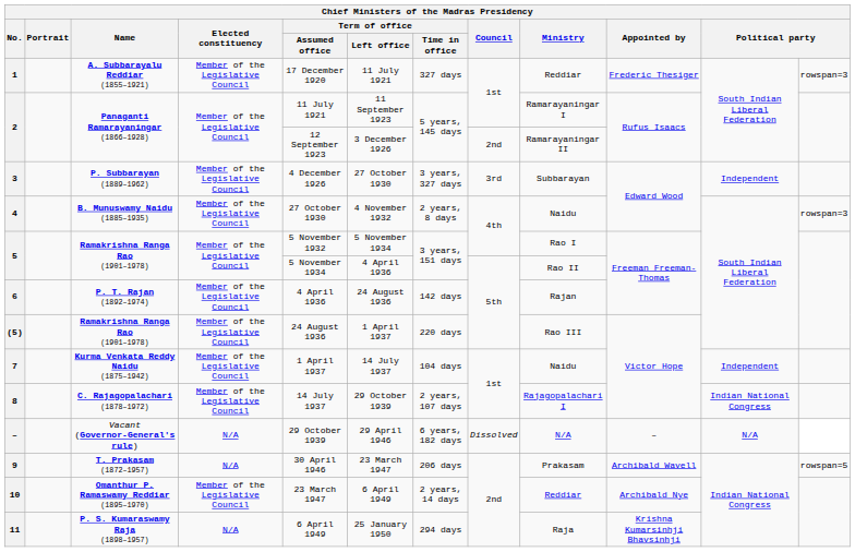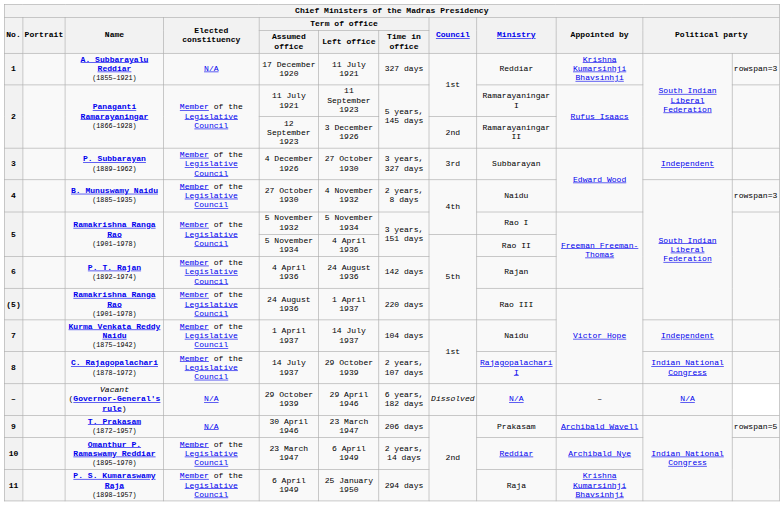 <table class="wikitable sortable" style="text-align:center;">
 <tr>
 <th colspan=12><strong>Chief Ministers of the Madras Presidency</strong></th>
 </tr>
 <tr>
 <th rowspan=2>No.</th>
 <th rowspan=2>Portrait</th>
 <th rowspan=2>Name<br><small></small></th>
 <th rowspan=2>Elected constituency</th>
 <th colspan=3>Term of office</th>
 <th rowspan=2><a href='#'>Council</a><br></th>
 <th rowspan=2><a href='#'>Ministry</a></th>
 <th rowspan=2>Appointed by</th>
 <th rowspan=2 colspan=2>Political party</th>
 </tr>
 <tr>
 <th>Assumed office</th>
 <th>Left office</th>
 <th>Time in office</th>
 </tr>
 <tr>
 <th>1</th>
 <td></td>
 <td><strong><a href='#'>A. Subbarayalu Reddiar</a></strong><br><small>(1855–1921)</small></td>
-<td><a href='#'>Member</a> of the <a href='#'>Legislative Council</a></td>
+<td><a href='#'>N/A</a></td>
 <td>17 December 1920</td>
 <td>11 July 1921</td>
 <td>327 days</td>
 <td rowspan=2>1st<br></td>
 <td>Reddiar</td>
-<td><a href='#'>Frederic Thesiger</a></td>
+<td><a href='#'>Krishna Kumarsinhji Bhavsinhji</a></td>
 <td rowspan=3><a href='#'>South Indian Liberal Federation</a></td>
 <td>rowspan=3 </td>
 </tr>
 <tr>
 <th rowspan=2>2</th>
 <td rowspan=2></td>
 <td rowspan=2><strong><a href='#'>Panaganti Ramarayaningar</a></strong><br><small>(1866–1928)</small></td>
 <td rowspan=2><a href='#'>Member</a> of the <a href='#'>Legislative Council</a></td>
 <td>11 July 1921</td>
 <td>11 September 1923</td>
 <td rowspan=2>5 years, 145 days</td>
 <td>Ramarayaningar I</td>
 <td rowspan=2><a href='#'>Rufus Isaacs</a></td>
 </tr>
 <tr>
 <td>12 September 1923</td>
 <td>3 December 1926</td>
 <td>2nd<br></td>
 <td>Ramarayaningar II</td>
 </tr>
 <tr>
 <th>3</th>
 <td></td>
 <td><strong><a href='#'>P. Subbarayan</a></strong><br><small>(1889–1962)</small></td>
 <td><a href='#'>Member</a> of the <a href='#'>Legislative Council</a></td>
 <td>4 December 1926</td>
 <td>27 October 1930</td>
 <td>3 years, 327 days</td>
 <td>3rd<br></td>
 <td>Subbarayan</td>
 <td rowspan=2><a href='#'>Edward Wood</a></td>
 <td><a href='#'>Independent</a></td>
 <td></td>
 </tr>
 <tr>
 <th>4</th>
 <td></td>
 <td><strong><a href='#'>B. Munuswamy Naidu</a></strong><br><small>(1885–1935)</small></td>
 <td><a href='#'>Member</a> of the <a href='#'>Legislative Council</a></td>
 <td>27 October 1930</td>
 <td>4 November 1932</td>
 <td>2 years, 8 days</td>
 <td rowspan=2>4th<br></td>
 <td>Naidu</td>
 <td rowspan=5><a href='#'>South Indian Liberal Federation</a></td>
 <td>rowspan=3 </td>
 </tr>
 <tr>
 <th rowspan=2>5</th>
 <td rowspan=2></td>
 <td rowspan=2><strong><a href='#'>Ramakrishna Ranga Rao</a></strong><br><small>(1901–1978)</small></td>
 <td rowspan=2><a href='#'>Member</a> of the <a href='#'>Legislative Council</a></td>
 <td>5 November 1932</td>
 <td>5 November 1934</td>
 <td rowspan=2>3 years, 151 days</td>
 <td>Rao I</td>
 <td rowspan=3><a href='#'>Freeman Freeman-Thomas</a></td>
 </tr>
 <tr>
 <td>5 November 1934</td>
 <td>4 April 1936</td>
 <td rowspan=3>5th<br></td>
 <td>Rao II</td>
 </tr>
 <tr>
 <th>6</th>
 <td></td>
 <td><strong><a href='#'>P. T. Rajan</a></strong><br><small>(1892–1974)</small></td>
 <td><a href='#'>Member</a> of the <a href='#'>Legislative Council</a></td>
 <td>4 April 1936</td>
 <td>24 August 1936</td>
 <td>142 days</td>
 <td>Rajan</td>
 </tr>
 <tr>
 <th>(5)</th>
 <td></td>
 <td><strong><a href='#'>Ramakrishna Ranga Rao</a></strong><br><small>(1901–1978)</small></td>
 <td><a href='#'>Member</a> of the <a href='#'>Legislative Council</a></td>
 <td>24 August 1936</td>
 <td>1 April 1937</td>
 <td>220 days</td>
 <td>Rao III</td>
 <td rowspan=3><a href='#'>Victor Hope</a></td>
 </tr>
 <tr>
 <th>7</th>
 <td></td>
 <td><strong><a href='#'>Kurma Venkata Reddy Naidu</a></strong><br><small>(1875–1942)</small></td>
 <td><a href='#'>Member</a> of the <a href='#'>Legislative Council</a></td>
 <td>1 April 1937</td>
 <td>14 July 1937</td>
 <td>104 days</td>
 <td rowspan=2>1st<br></td>
 <td>Naidu</td>
 <td><a href='#'>Independent</a></td>
 <td></td>
 </tr>
 <tr>
 <th>8</th>
 <td></td>
 <td><strong><a href='#'>C. Rajagopalachari</a></strong><br><small>(1878–1972)</small></td>
 <td><a href='#'>Member</a> of the <a href='#'>Legislative Council</a></td>
 <td>14 July 1937</td>
 <td>29 October 1939</td>
 <td>2 years, 107 days</td>
 <td><a href='#'>Rajagopalachari I</a></td>
 <td><a href='#'>Indian National Congress</a></td>
 <td></td>
 </tr>
 <tr>
 <th>–</th>
 <td></td>
 <td><em>Vacant</em><br>(<strong><a href='#'>Governor-General's rule</a></strong>)</td>
 <td><a href='#'>N/A</a></td>
 <td>29 October 1939</td>
 <td>29 April 1946</td>
 <td>6 years, 182 days</td>
 <td><em>Dissolved</em></td>
 <td><a href='#'>N/A</a></td>
 <td>–</td>
 <td><a href='#'>N/A</a></td>
 <td style="background:white;"></td>
 </tr>
 <tr>
 <th>9</th>
 <td></td>
 <td><strong><a href='#'>T. Prakasam</a></strong><br><small>(1872–1957)</small></td>
 <td><a href='#'>N/A</a></td>
 <td>30 April 1946</td>
 <td>23 March 1947</td>
 <td>206 days</td>
 <td rowspan=3>2nd<br></td>
 <td>Prakasam</td>
 <td><a href='#'>Archibald Wavell</a></td>
 <td rowspan=3><a href='#'>Indian National Congress</a></td>
 <td>rowspan=5 </td>
 </tr>
 <tr>
 <th>10</th>
 <td></td>
 <td><strong><a href='#'>Omanthur P. Ramaswamy Reddiar</a></strong><br><small>(1895–1970)</small></td>
 <td><a href='#'>Member</a> of the <a href='#'>Legislative Council</a></td>
 <td>23 March 1947</td>
 <td>6 April 1949</td>
 <td>2 years, 14 days</td>
 <td><a href='#'>Reddiar</a></td>
 <td><a href='#'>Archibald Nye</a></td>
 </tr>
 <tr>
 <th>11</th>
 <td></td>
 <td><strong><a href='#'>P. S. Kumaraswamy Raja</a></strong><br><small>(1898–1957)</small></td>
-<td><a href='#'>N/A</a></td>
+<td><a href='#'>Member</a> of the <a href='#'>Legislative Council</a></td>
 <td>6 April 1949</td>
 <td>25 January 1950</td>
 <td>294 days</td>
 <td>Raja</td>
 <td><a href='#'>Krishna Kumarsinhji Bhavsinhji</a></td>
 </tr>
 </table>
